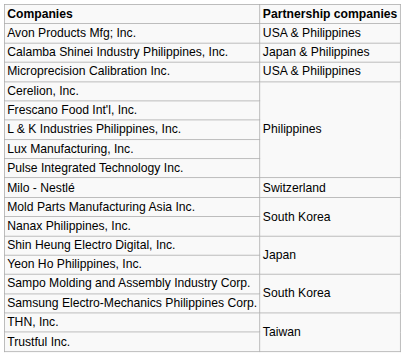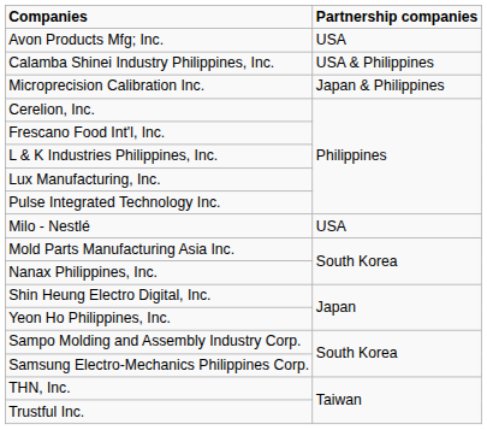 <table class="wikitable" style="font-size:100%">
 <tr>
 <td><strong>Companies</strong></td>
 <td><strong>Partnership companies</strong></td>
 </tr>
 <tr>
 <td>Avon Products Mfg; Inc.</td>
+<td> USA</td>
+</tr>
+<tr>
+<td>Calamba Shinei Industry Philippines, Inc.</td>
 <td> USA &  Philippines</td>
 </tr>
 <tr>
-<td>Calamba Shinei Industry Philippines, Inc.</td>
+<td>Microprecision Calibration Inc.</td>
 <td> Japan &  Philippines</td>
-</tr>
-<tr>
-<td>Microprecision Calibration Inc.</td>
-<td> USA &  Philippines</td>
 </tr>
 <tr>
 <td>Cerelion, Inc.</td>
 <td rowspan="5"> Philippines</td>
 </tr>
 <tr>
 <td>Frescano Food Int'l, Inc.</td>
 </tr>
 <tr>
 <td>L & K Industries Philippines, Inc.</td>
 </tr>
 <tr>
 <td>Lux Manufacturing, Inc.</td>
 </tr>
 <tr>
 <td>Pulse Integrated Technology Inc.</td>
 </tr>
 <tr>
 <td>Milo - Nestlé</td>
-<td> Switzerland</td>
+<td> USA</td>
 </tr>
 <tr>
 <td>Mold Parts Manufacturing Asia Inc.</td>
 <td rowspan="2"> South Korea</td>
 </tr>
 <tr>
 <td>Nanax Philippines, Inc.</td>
 </tr>
 <tr>
 <td>Shin Heung Electro Digital, Inc.</td>
 <td rowspan="2"> Japan</td>
 </tr>
 <tr>
 <td>Yeon Ho Philippines, Inc.</td>
 </tr>
 <tr>
 <td>Sampo Molding and Assembly Industry Corp.</td>
 <td rowspan="2"> South Korea</td>
 </tr>
 <tr>
 <td>Samsung Electro-Mechanics Philippines Corp.</td>
 </tr>
 <tr>
 <td>THN, Inc.</td>
 <td rowspan="2"> Taiwan</td>
 </tr>
 <tr>
 <td>Trustful Inc.</td>
 </tr>
 </table>
